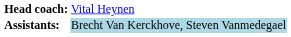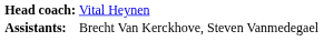 <table>
 <tr>
 <td><strong>Head coach:</strong></td>
 <td><a href='#'>Vital Heynen</a></td>
 </tr>
 <tr>
 <td><strong>Assistants:</strong></td>
-<td style="background: lightblue;">Brecht Van Kerckhove, Steven Vanmedegael</td>
+<td>Brecht Van Kerckhove, Steven Vanmedegael</td>
 </tr>
 </table>
